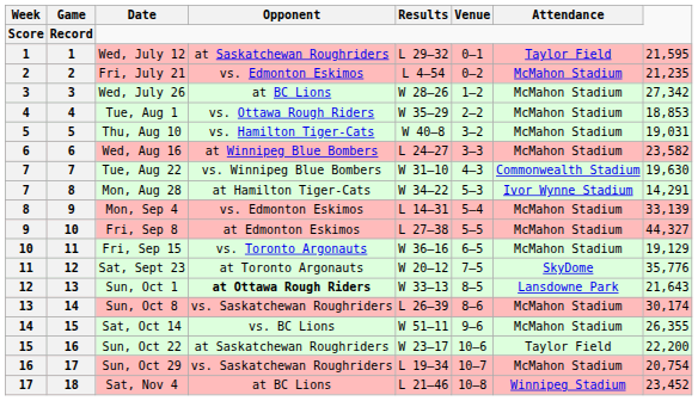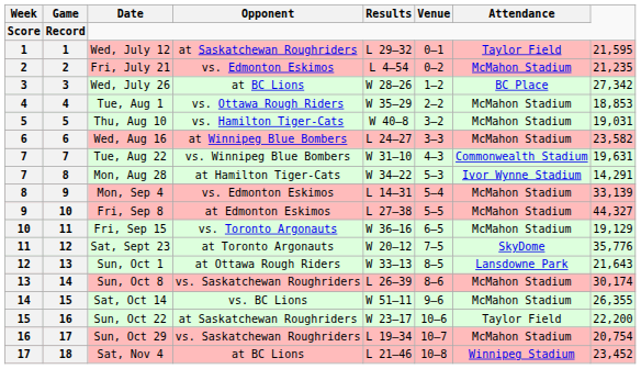 <table class="wikitable" style="text-align:center">
 <tr>
 <th>Week</th>
 <th>Game</th>
 <th>Date</th>
 <th>Opponent</th>
 <th>Results</th>
 <th>Venue</th>
 <th>Attendance</th>
 </tr>
 <tr>
 <th>Score</th>
 <th>Record</th>
 </tr>
 <tr style="background:#ffbbbb">
 <th>1</th>
 <th>1</th>
 <td>Wed, July 12</td>
 <td>at <a href='#'>Saskatchewan Roughriders</a></td>
 <td>L 29–32</td>
 <td>0–1</td>
 <td><a href='#'>Taylor Field</a></td>
 <td>21,595</td>
 </tr>
 <tr style="background:#ffbbbb">
 <th>2</th>
 <th>2</th>
 <td>Fri, July 21</td>
 <td>vs. <a href='#'>Edmonton Eskimos</a></td>
 <td>L 4–54</td>
 <td>0–2</td>
 <td><a href='#'>McMahon Stadium</a></td>
 <td>21,235</td>
 </tr>
 <tr style="background:#ddffdd">
 <th>3</th>
 <th>3</th>
 <td>Wed, July 26</td>
 <td>at <a href='#'>BC Lions</a></td>
 <td>W 28–26</td>
 <td>1–2</td>
-<td>McMahon Stadium</td>
+<td><a href='#'>BC Place</a></td>
 <td>27,342</td>
 </tr>
 <tr style="background:#ddffdd">
 <th>4</th>
 <th>4</th>
 <td>Tue, Aug 1</td>
 <td>vs. <a href='#'>Ottawa Rough Riders</a></td>
 <td>W 35–29</td>
 <td>2–2</td>
 <td>McMahon Stadium</td>
 <td>18,853</td>
 </tr>
 <tr style="background:#ddffdd">
 <th>5</th>
 <th>5</th>
 <td>Thu, Aug 10</td>
 <td>vs. <a href='#'>Hamilton Tiger-Cats</a></td>
 <td>W 40–8</td>
 <td>3–2</td>
 <td>McMahon Stadium</td>
 <td>19,031</td>
 </tr>
 <tr style="background:#ffbbbb">
 <th>6</th>
 <th>6</th>
 <td>Wed, Aug 16</td>
 <td>at <a href='#'>Winnipeg Blue Bombers</a></td>
 <td>L 24–27</td>
 <td>3–3</td>
 <td>McMahon Stadium</td>
 <td>23,582</td>
 </tr>
 <tr style="background:#ddffdd">
 <th>7</th>
 <th>7</th>
 <td>Tue, Aug 22</td>
 <td>vs. Winnipeg Blue Bombers</td>
 <td>W 31–10</td>
 <td>4–3</td>
 <td><a href='#'>Commonwealth Stadium</a></td>
-<td>19,630</td>
+<td>19,631</td>
 </tr>
 <tr style="background:#ddffdd">
 <th>7</th>
 <th>8</th>
 <td>Mon, Aug 28</td>
 <td>at Hamilton Tiger-Cats</td>
 <td>W 34–22</td>
 <td>5–3</td>
 <td><a href='#'>Ivor Wynne Stadium</a></td>
 <td>14,291</td>
 </tr>
 <tr style="background:#ffbbbb">
 <th>8</th>
 <th>9</th>
 <td>Mon, Sep 4</td>
 <td>vs. Edmonton Eskimos</td>
 <td>L 14–31</td>
 <td>5–4</td>
 <td>McMahon Stadium</td>
 <td>33,139</td>
 </tr>
 <tr style="background:#ffbbbb">
 <th>9</th>
 <th>10</th>
 <td>Fri, Sep 8</td>
 <td>at Edmonton Eskimos</td>
 <td>L 27–38</td>
 <td>5–5</td>
 <td>McMahon Stadium</td>
 <td>44,327</td>
 </tr>
 <tr style="background:#ddffdd">
 <th>10</th>
 <th>11</th>
 <td>Fri, Sep 15</td>
 <td>vs. <a href='#'>Toronto Argonauts</a></td>
 <td>W 36–16</td>
 <td>6–5</td>
 <td>McMahon Stadium</td>
 <td>19,129</td>
 </tr>
 <tr style="background:#ddffdd">
 <th>11</th>
 <th>12</th>
 <td>Sat, Sept 23</td>
 <td>at Toronto Argonauts</td>
 <td>W 20–12</td>
 <td>7–5</td>
 <td><a href='#'>SkyDome</a></td>
 <td>35,776</td>
 </tr>
 <tr style="background:#ddffdd">
 <th>12</th>
 <th>13</th>
 <td>Sun, Oct 1</td>
-<td><strong>at Ottawa Rough Riders</strong></td>
+<td>at Ottawa Rough Riders</td>
 <td>W 33–13</td>
 <td>8–5</td>
 <td><a href='#'>Lansdowne Park</a></td>
 <td>21,643</td>
 </tr>
 <tr style="background:#ffbbbb">
 <th>13</th>
 <th>14</th>
 <td>Sun, Oct 8</td>
 <td>vs. Saskatchewan Roughriders</td>
 <td>L 26–39</td>
 <td>8–6</td>
 <td>McMahon Stadium</td>
 <td>30,174</td>
 </tr>
 <tr style="background:#ddffdd">
 <th>14</th>
 <th>15</th>
 <td>Sat, Oct 14</td>
 <td>vs. BC Lions</td>
 <td>W 51–11</td>
 <td>9–6</td>
 <td>McMahon Stadium</td>
 <td>26,355</td>
 </tr>
 <tr style="background:#ddffdd">
 <th>15</th>
 <th>16</th>
 <td>Sun, Oct 22</td>
 <td>at Saskatchewan Roughriders</td>
 <td>W 23–17</td>
 <td>10–6</td>
 <td>Taylor Field</td>
 <td>22,200</td>
 </tr>
 <tr style="background:#ffbbbb">
 <th>16</th>
 <th>17</th>
 <td>Sun, Oct 29</td>
 <td>vs. Saskatchewan Roughriders</td>
 <td>L 19–34</td>
 <td>10–7</td>
 <td>McMahon Stadium</td>
 <td>20,754</td>
 </tr>
 <tr style="background:#ffbbbb">
 <th>17</th>
 <th>18</th>
 <td>Sat, Nov 4</td>
 <td>at BC Lions</td>
 <td>L 21–46</td>
 <td>10–8</td>
 <td><a href='#'>Winnipeg Stadium</a></td>
 <td>23,452</td>
 </tr>
 </table>
